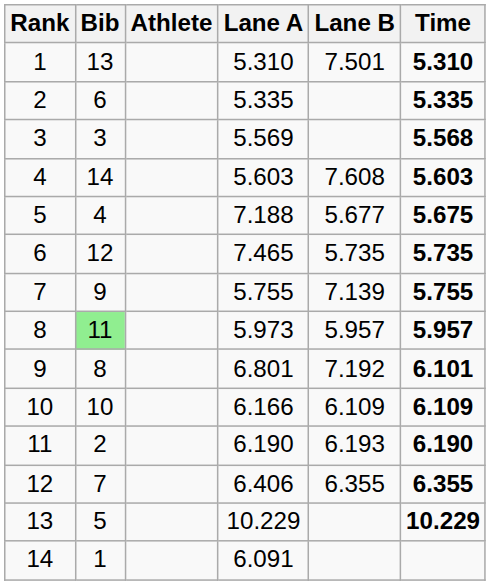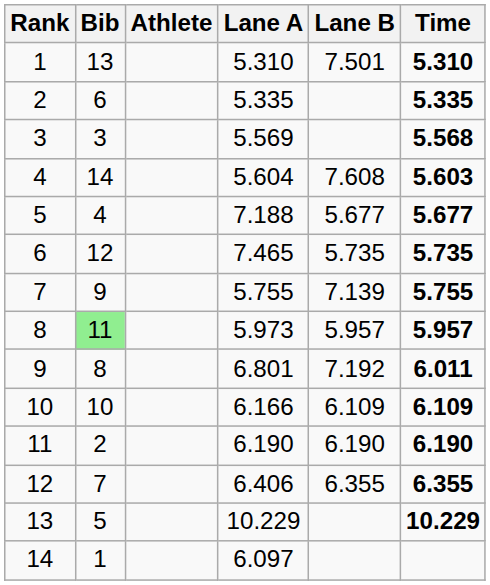 <table class="wikitable sortable" style="text-align:center">
 <tr>
 <th>Rank</th>
 <th>Bib</th>
 <th>Athlete</th>
 <th>Lane A</th>
 <th>Lane B</th>
 <th>Time</th>
 </tr>
 <tr>
 <td>1</td>
 <td>13</td>
 <td align=left></td>
 <td>5.310</td>
 <td>7.501</td>
 <td><strong>5.310</strong></td>
 </tr>
 <tr>
 <td>2</td>
 <td>6</td>
 <td align=left></td>
 <td>5.335</td>
 <td></td>
 <td><strong>5.335</strong></td>
 </tr>
 <tr>
 <td>3</td>
 <td>3</td>
 <td align=left></td>
 <td>5.569</td>
 <td></td>
 <td><strong>5.568</strong></td>
 </tr>
 <tr>
 <td>4</td>
 <td>14</td>
 <td align=left></td>
-<td>5.603</td>
+<td>5.604</td>
 <td>7.608</td>
 <td><strong>5.603</strong></td>
 </tr>
 <tr>
 <td>5</td>
 <td>4</td>
 <td align=left></td>
 <td>7.188</td>
 <td>5.677</td>
-<td><strong>5.675</strong></td>
+<td><strong>5.677</strong></td>
 </tr>
 <tr>
 <td>6</td>
 <td>12</td>
 <td align=left></td>
 <td>7.465</td>
 <td>5.735</td>
 <td><strong>5.735</strong></td>
 </tr>
 <tr>
 <td>7</td>
 <td>9</td>
 <td align=left></td>
 <td>5.755</td>
 <td>7.139</td>
 <td><strong>5.755</strong></td>
 </tr>
 <tr>
 <td>8</td>
 <td style="background: lightgreen;">11</td>
 <td align=left></td>
 <td>5.973</td>
 <td>5.957</td>
 <td><strong>5.957</strong></td>
 </tr>
 <tr>
 <td>9</td>
 <td>8</td>
 <td align=left></td>
 <td>6.801</td>
 <td>7.192</td>
-<td><strong>6.101</strong></td>
+<td><strong>6.011</strong></td>
 </tr>
 <tr>
 <td>10</td>
 <td>10</td>
 <td align=left></td>
 <td>6.166</td>
 <td>6.109</td>
 <td><strong>6.109</strong></td>
 </tr>
 <tr>
 <td>11</td>
 <td>2</td>
 <td align=left></td>
 <td>6.190</td>
-<td>6.193</td>
+<td>6.190</td>
 <td><strong>6.190</strong></td>
 </tr>
 <tr>
 <td>12</td>
 <td>7</td>
 <td align=left></td>
 <td>6.406</td>
 <td>6.355</td>
 <td><strong>6.355</strong></td>
 </tr>
 <tr>
 <td>13</td>
 <td>5</td>
 <td align=left></td>
 <td>10.229</td>
 <td></td>
 <td><strong>10.229</strong></td>
 </tr>
 <tr>
 <td>14</td>
 <td>1</td>
 <td align=left></td>
-<td>6.091</td>
+<td>6.097</td>
 <td></td>
 <td><strong></strong></td>
 </tr>
 </table>
